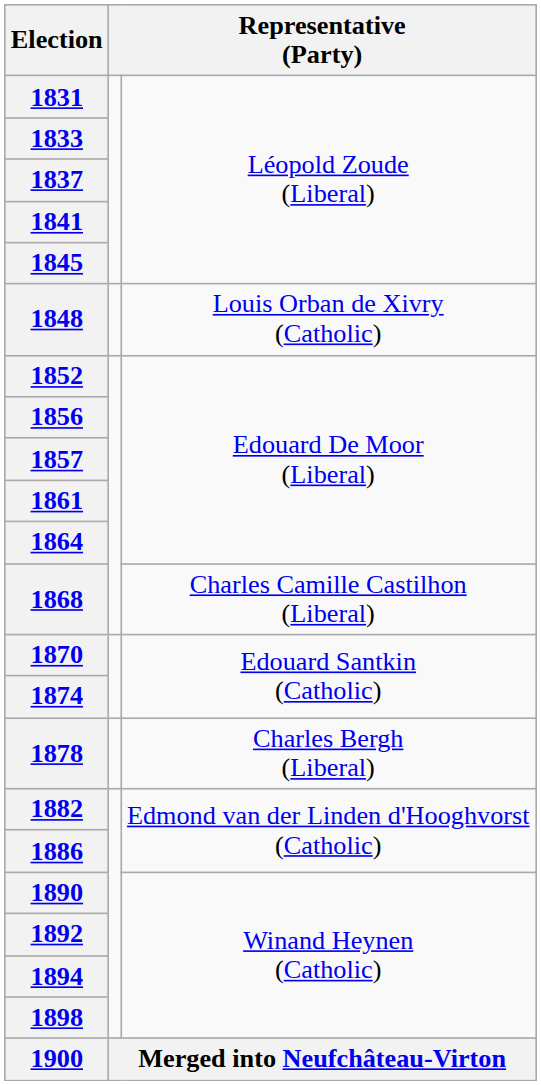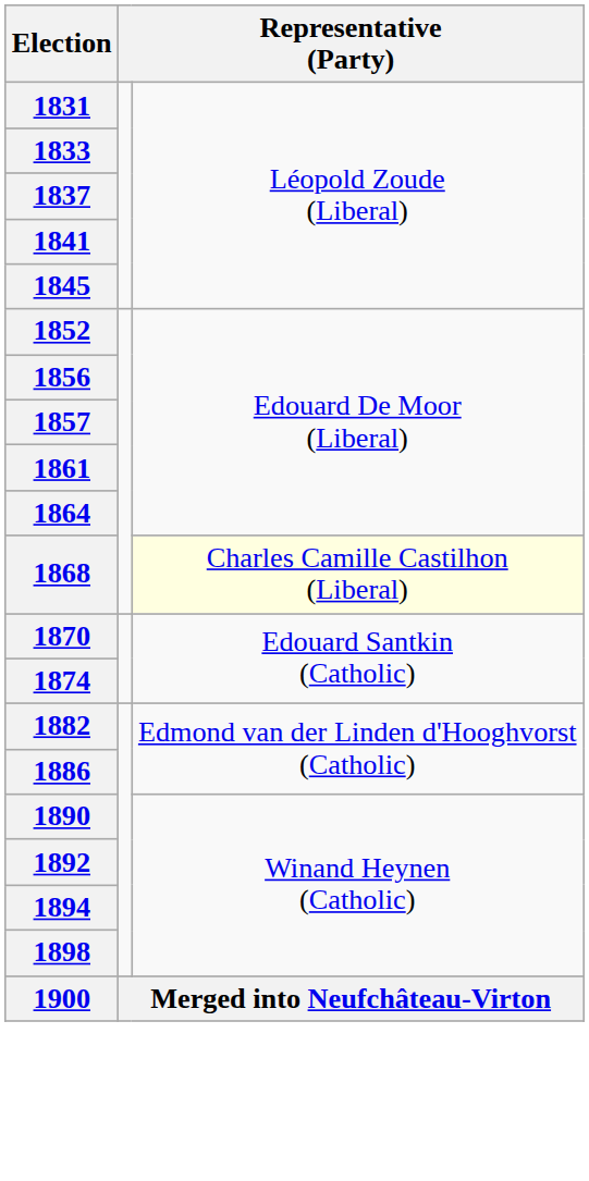 <table class="wikitable" style="text-align:center">
 <tr>
 <th>Election</th>
 <th colspan=2>Representative<br>(Party)</th>
 </tr>
 <tr>
 <th><a href='#'>1831</a></th>
 <td rowspan=5; style="background-color: "></td>
 <td rowspan=5><a href='#'>Léopold Zoude</a><br>(<a href='#'>Liberal</a>)</td>
 </tr>
 <tr>
 <th><a href='#'>1833</a></th>
 </tr>
 <tr>
 <th><a href='#'>1837</a></th>
 </tr>
 <tr>
 <th><a href='#'>1841</a></th>
 </tr>
 <tr>
 <th><a href='#'>1845</a></th>
 </tr>
 <tr>
-<th><a href='#'>1848</a></th>
-<td rowspan=1; style="background-color: "></td>
-<td rowspan=1><a href='#'>Louis Orban de Xivry</a><br>(<a href='#'>Catholic</a>)</td>
-</tr>
-<tr>
 <th><a href='#'>1852</a></th>
 <td rowspan=6; style="background-color: "></td>
 <td rowspan=5><a href='#'>Edouard De Moor</a><br>(<a href='#'>Liberal</a>)</td>
 </tr>
 <tr>
 <th><a href='#'>1856</a></th>
 </tr>
 <tr>
 <th><a href='#'>1857</a></th>
 </tr>
 <tr>
 <th><a href='#'>1861</a></th>
 </tr>
 <tr>
 <th><a href='#'>1864</a></th>
 </tr>
 <tr>
 <th><a href='#'>1868</a></th>
-<td rowspan=1><a href='#'>Charles Camille Castilhon</a><br>(<a href='#'>Liberal</a>)</td>
+<td rowspan=1 style="background: lightyellow;"><a href='#'>Charles Camille Castilhon</a><br>(<a href='#'>Liberal</a>)</td>
 </tr>
 <tr>
 <th><a href='#'>1870</a></th>
 <td rowspan=2; style="background-color: "></td>
 <td rowspan=2><a href='#'>Edouard Santkin</a><br>(<a href='#'>Catholic</a>)</td>
 </tr>
 <tr>
 <th><a href='#'>1874</a></th>
-</tr>
-<tr>
-<th><a href='#'>1878</a></th>
-<td rowspan=1; style="background-color: "></td>
-<td rowspan=1><a href='#'>Charles Bergh</a><br>(<a href='#'>Liberal</a>)</td>
 </tr>
 <tr>
 <th><a href='#'>1882</a></th>
 <td rowspan=6; style="background-color: "></td>
 <td rowspan=2><a href='#'>Edmond van der Linden d'Hooghvorst</a><br>(<a href='#'>Catholic</a>)</td>
 </tr>
 <tr>
 <th><a href='#'>1886</a></th>
 </tr>
 <tr>
 <th><a href='#'>1890</a></th>
 <td rowspan=4><a href='#'>Winand Heynen</a><br>(<a href='#'>Catholic</a>)</td>
 </tr>
 <tr>
 <th><a href='#'>1892</a></th>
 </tr>
 <tr>
 <th><a href='#'>1894</a></th>
 </tr>
 <tr>
 <th><a href='#'>1898</a></th>
 </tr>
 <tr>
 <th><a href='#'>1900</a></th>
 <th colspan=2>Merged into <a href='#'>Neufchâteau-Virton</a></th>
 </tr>
 </table>
